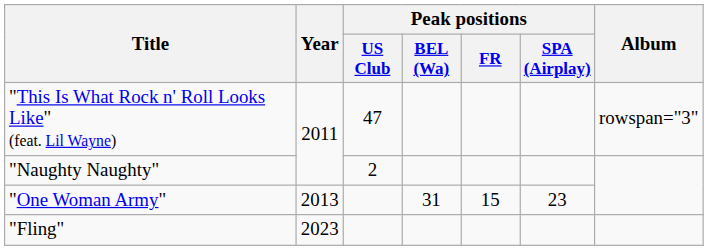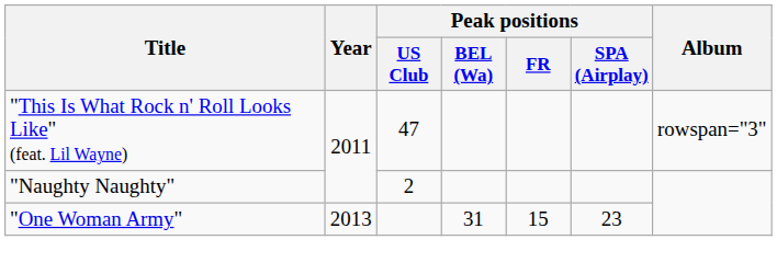 <table class="wikitable" style="text-align:center;">
 <tr>
 <th rowspan="2" style="text-align:center; width:240px;">Title</th>
 <th rowspan="2" style="text-align:center; width:10px;">Year</th>
 <th colspan="4" style="text-align:center; width:20px;">Peak positions</th>
 <th rowspan="2" style="text-align:center; width:10px;">Album</th>
 </tr>
 <tr>
 <th scope="col" style="width:3em;font-size:90%;"><a href='#'>US<br>Club</a><br></th>
 <th scope="col" style="width:3em;font-size:90%;"><a href='#'>BEL <br>(Wa)</a><br></th>
 <th scope="col" style="width:3em;font-size:90%;"><a href='#'>FR</a><br></th>
 <th scope="col" style="width:3em;font-size:90%;"><a href='#'>SPA (Airplay)</a><br></th>
 </tr>
 <tr>
 <td align="left">"<a href='#'>This Is What Rock n' Roll Looks Like</a>"<br><small>(feat. <a href='#'>Lil Wayne</a>)</small></td>
 <td rowspan="2">2011</td>
 <td align=center>47</td>
 <td align=center></td>
 <td align=center></td>
 <td align=center></td>
 <td>rowspan="3" </td>
 </tr>
 <tr>
 <td align="left">"Naughty Naughty"</td>
 <td align=center>2</td>
 <td align=center></td>
 <td align=center></td>
 <td align=center></td>
 </tr>
 <tr>
 <td align="left">"<a href='#'>One Woman Army</a>"</td>
 <td>2013</td>
 <td align=center></td>
 <td align=center>31</td>
 <td align=center>15</td>
 <td align=center>23</td>
 </tr>
-<tr>
-<td align="left">"Fling"</td>
-<td>2023</td>
-<td align=center></td>
-<td align=center></td>
-<td align=center></td>
-<td align=center></td>
-<td></td>
-</tr>
 </table>
